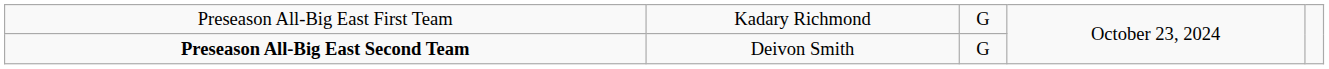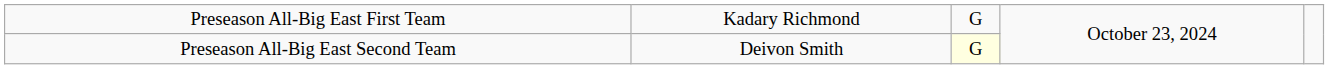 <table class="wikitable" style="width: 90%;text-align: center;">
 <tr align="center">
 <td rowspan="1">Preseason All-Big East First Team</td>
 <td>Kadary Richmond</td>
 <td>G</td>
 <td rowspan="2">October 23, 2024</td>
 <td rowspan="2"></td>
 </tr>
 <tr align="center">
-<td rowspan="1"><strong>Preseason All-Big East Second Team</strong></td>
+<td rowspan="1">Preseason All-Big East Second Team</td>
 <td>Deivon Smith</td>
-<td>G</td>
+<td style="background: lightyellow;">G</td>
 </tr>
 </table>
